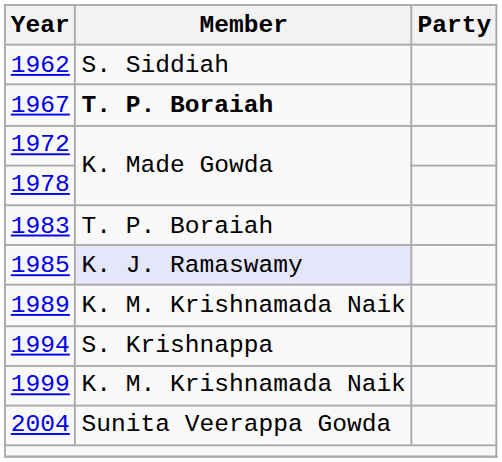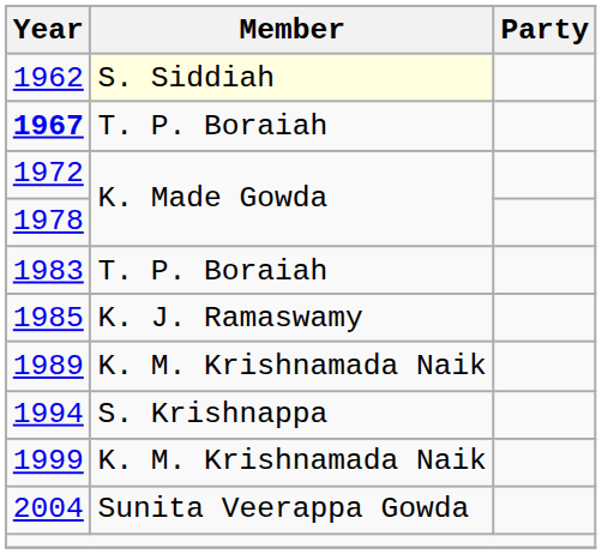 <table class="wikitable sortable">
 <tr>
 <th>Year</th>
 <th>Member</th>
 <th colspan="2">Party</th>
 </tr>
 <tr>
 <td><a href='#'>1962</a></td>
-<td>S. Siddiah</td>
+<td style="background: lightyellow;">S. Siddiah</td>
 <td></td>
 </tr>
 <tr>
-<td><a href='#'>1967</a></td>
-<td><strong>T. P. Boraiah</strong></td>
+<td><strong><a href='#'>1967</a></strong></td>
+<td>T. P. Boraiah</td>
 <td></td>
 </tr>
 <tr>
 <td><a href='#'>1972</a></td>
 <td rowspan=2>K. Made Gowda</td>
 <td></td>
 </tr>
 <tr>
 <td><a href='#'>1978</a></td>
 <td></td>
 </tr>
 <tr>
 <td><a href='#'>1983</a></td>
 <td>T. P. Boraiah</td>
 <td></td>
 </tr>
 <tr>
 <td><a href='#'>1985</a></td>
-<td style="background: lavender;">K. J. Ramaswamy</td>
+<td>K. J. Ramaswamy</td>
 <td></td>
 </tr>
 <tr>
 <td><a href='#'>1989</a></td>
 <td>K. M. Krishnamada Naik</td>
 <td></td>
 </tr>
 <tr>
 <td><a href='#'>1994</a></td>
 <td>S. Krishnappa</td>
 <td></td>
 </tr>
 <tr>
 <td><a href='#'>1999</a></td>
 <td>K. M. Krishnamada Naik</td>
 <td></td>
 </tr>
 <tr>
 <td><a href='#'>2004</a></td>
 <td>Sunita Veerappa Gowda</td>
 <td></td>
 </tr>
 <tr>
 <td colspan=4></td>
 </tr>
 <tr>
 </tr>
 </table>
